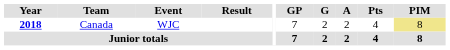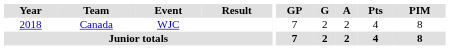 <table border="0" cellpadding="1" cellspacing="0" ID="Table3" style="text-align:center; width:40em">
 <tr ALIGN="centre" bgcolor="#e0e0e0">
 <th>Year</th>
 <th>Team</th>
 <th>Event</th>
 <th>Result</th>
 <th rowspan="102" bgcolor="#ffffff"></th>
 <th>GP</th>
 <th>G</th>
 <th>A</th>
 <th>Pts</th>
 <th>PIM</th>
 </tr>
 <tr>
-<td><strong><a href='#'>2018</a></strong></td>
+<td><a href='#'>2018</a></td>
 <td><a href='#'>Canada</a></td>
 <td><a href='#'>WJC</a></td>
 <td></td>
 <td>7</td>
 <td>2</td>
 <td>2</td>
 <td>4</td>
-<td style="background: khaki;">8</td>
+<td>8</td>
 </tr>
 <tr bgcolor="#e0e0e0">
 <th colspan="4">Junior totals</th>
 <th>7</th>
 <th>2</th>
 <th>2</th>
 <th>4</th>
 <th>8</th>
 </tr>
 </table>
